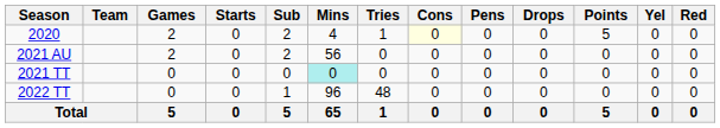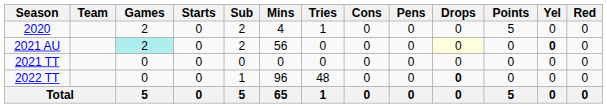 <table class="wikitable" style="text-align:center; line-height:90%; font-size:95%; width:60%;">
 <tr>
 <th>Season</th>
 <th>Team</th>
 <th>Games</th>
 <th>Starts</th>
 <th>Sub</th>
 <th>Mins</th>
 <th>Tries</th>
 <th>Cons</th>
 <th>Pens</th>
 <th>Drops</th>
 <th>Points</th>
 <th>Yel</th>
 <th>Red</th>
 </tr>
 <tr>
 <td><a href='#'>2020</a></td>
 <td></td>
 <td>2</td>
 <td>0</td>
 <td>2</td>
 <td>4</td>
 <td>1</td>
-<td style="background: lightyellow;">0</td>
+<td>0</td>
 <td>0</td>
 <td>0</td>
 <td>5</td>
 <td>0</td>
 <td>0</td>
 </tr>
 <tr>
 <td><a href='#'>2021 AU</a></td>
 <td></td>
-<td>2</td>
+<td style="background: paleturquoise;">2</td>
 <td>0</td>
 <td>2</td>
 <td>56</td>
 <td>0</td>
 <td>0</td>
 <td>0</td>
+<td style="background: lightyellow;">0</td>
 <td>0</td>
-<td>0</td>
-<td>0</td>
+<td><strong>0</strong></td>
 <td>0</td>
 </tr>
 <tr>
 <td><a href='#'>2021 TT</a></td>
 <td></td>
 <td>0</td>
 <td>0</td>
 <td>0</td>
-<td style="background: paleturquoise;">0</td>
+<td>0</td>
 <td>0</td>
 <td>0</td>
 <td>0</td>
 <td>0</td>
 <td>0</td>
 <td>0</td>
 <td>0</td>
 </tr>
 <tr>
 <td><a href='#'>2022 TT</a></td>
 <td></td>
 <td>0</td>
 <td>0</td>
 <td>1</td>
 <td>96</td>
 <td>48</td>
 <td>0</td>
 <td>0</td>
-<td>0</td>
+<td><strong>0</strong></td>
 <td>0</td>
 <td>0</td>
 <td>0</td>
 </tr>
 <tr>
 <th colspan="2">Total</th>
 <th>5</th>
 <th>0</th>
 <th>5</th>
 <th>65</th>
 <th>1</th>
 <th>0</th>
 <th>0</th>
 <th>0</th>
 <th>5</th>
 <th>0</th>
 <th>0</th>
 </tr>
 </table>
